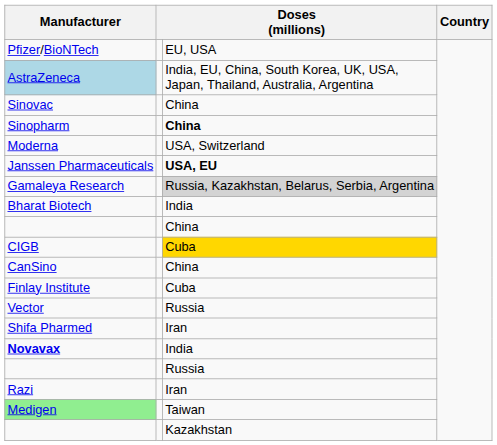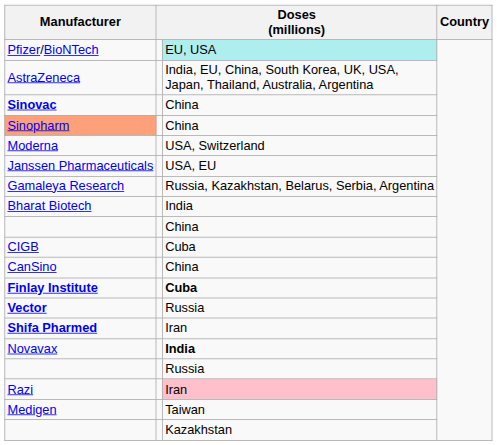 <table class="wikitable sortable" align="right" style="margin-left:10px">
 <tr>
 <th>Manufacturer</th>
 <th colspan=2>Doses<br>(millions)</th>
 <th>Country</th>
 </tr>
 <tr>
 <td><a href='#'>Pfizer</a>/<a href='#'>BioNTech</a></td>
 <td></td>
-<td>EU, USA</td>
+<td style="background: paleturquoise;">EU, USA</td>
 </tr>
 <tr>
-<td style="background: lightblue;"><a href='#'>AstraZeneca</a></td>
+<td><a href='#'>AstraZeneca</a></td>
 <td></td>
 <td>India, EU, China, South Korea, UK, USA,<br>Japan, Thailand, Australia, Argentina</td>
 </tr>
 <tr>
-<td><a href='#'>Sinovac</a></td>
+<td><strong><a href='#'>Sinovac</a></strong></td>
 <td></td>
 <td>China</td>
 </tr>
 <tr>
-<td><a href='#'>Sinopharm</a></td>
+<td style="background: lightsalmon;"><a href='#'>Sinopharm</a></td>
 <td></td>
-<td><strong>China</strong></td>
+<td>China</td>
 </tr>
 <tr>
 <td><a href='#'>Moderna</a></td>
 <td></td>
 <td>USA, Switzerland</td>
 </tr>
 <tr>
 <td><a href='#'>Janssen Pharmaceuticals</a></td>
 <td></td>
-<td><strong>USA, EU</strong></td>
+<td>USA, EU</td>
 </tr>
 <tr>
 <td><a href='#'>Gamaleya Research</a></td>
 <td></td>
-<td style="background: lightgrey;">Russia, Kazakhstan, Belarus, Serbia, Argentina</td>
+<td>Russia, Kazakhstan, Belarus, Serbia, Argentina</td>
 </tr>
 <tr>
 <td><a href='#'>Bharat Biotech</a></td>
 <td></td>
 <td>India</td>
 </tr>
 <tr>
 <td></td>
 <td></td>
 <td>China</td>
 </tr>
 <tr>
 <td><a href='#'>CIGB</a></td>
 <td></td>
-<td style="background: gold;">Cuba</td>
+<td>Cuba</td>
 </tr>
 <tr>
 <td><a href='#'>CanSino</a></td>
 <td></td>
 <td>China</td>
 </tr>
 <tr>
-<td><a href='#'>Finlay Institute</a></td>
+<td><strong><a href='#'>Finlay Institute</a></strong></td>
 <td></td>
-<td>Cuba</td>
+<td><strong>Cuba</strong></td>
 </tr>
 <tr>
-<td><a href='#'>Vector</a></td>
+<td><strong><a href='#'>Vector</a></strong></td>
 <td></td>
 <td>Russia</td>
 </tr>
 <tr>
-<td><a href='#'>Shifa Pharmed</a></td>
+<td><strong><a href='#'>Shifa Pharmed</a></strong></td>
 <td></td>
 <td>Iran</td>
 </tr>
 <tr>
-<td><strong><a href='#'>Novavax</a></strong></td>
+<td><a href='#'>Novavax</a></td>
 <td></td>
-<td>India</td>
+<td><strong>India</strong></td>
 </tr>
 <tr>
 <td></td>
 <td></td>
 <td>Russia</td>
 </tr>
 <tr>
 <td><a href='#'>Razi</a></td>
 <td></td>
-<td>Iran</td>
+<td style="background: pink;">Iran</td>
 </tr>
 <tr>
-<td style="background: lightgreen;"><a href='#'>Medigen</a></td>
+<td><a href='#'>Medigen</a></td>
 <td></td>
 <td>Taiwan</td>
 </tr>
 <tr>
 <td></td>
 <td></td>
 <td>Kazakhstan</td>
 </tr>
 </table>
